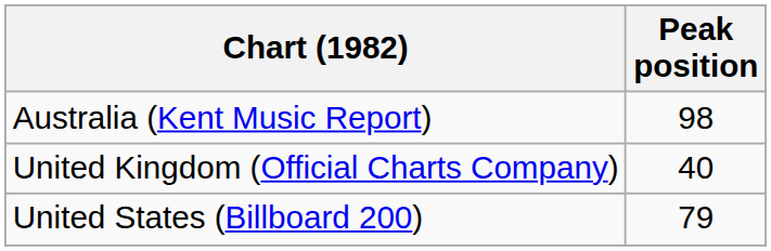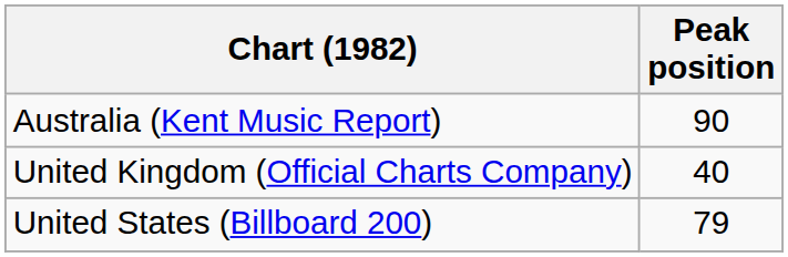 <table class="wikitable">
 <tr>
 <th scope="col">Chart (1982)</th>
 <th>Peak<br>position</th>
 </tr>
 <tr>
 <td>Australia (<a href='#'>Kent Music Report</a>)</td>
-<td style="text-align:center;">98</td>
+<td style="text-align:center;">90</td>
 </tr>
 <tr>
 <td>United Kingdom (<a href='#'>Official Charts Company</a>)</td>
 <td style="text-align:center;">40</td>
 </tr>
 <tr>
 <td>United States (<a href='#'>Billboard 200</a>)</td>
 <td style="text-align:center;">79</td>
 </tr>
 </table>
